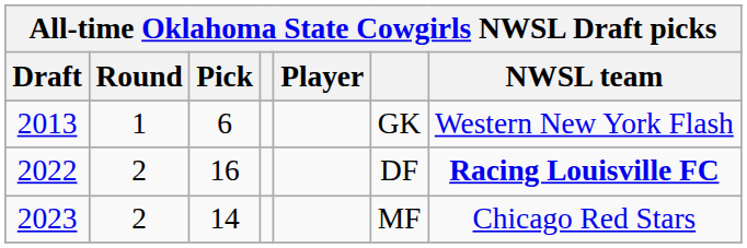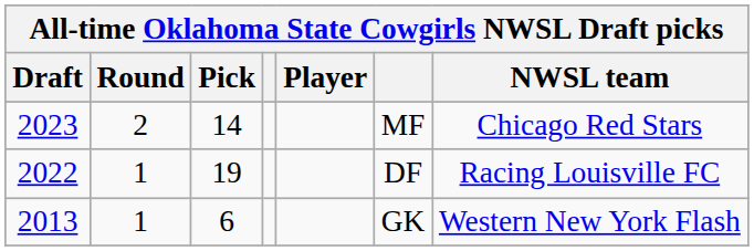 <table class="wikitable sortable" style="text-align: center;">
 <tr>
 <th colspan="7" style="background:#">All-time <a href='#'><span>Oklahoma State Cowgirls</span></a> NWSL Draft picks</th>
 </tr>
 <tr>
 <th scope="col">Draft</th>
 <th scope="col">Round</th>
 <th scope="col">Pick</th>
 <th scope="col"></th>
 <th scope="col">Player</th>
 <th scope="col"></th>
 <th scope="col">NWSL team</th>
 </tr>
 <tr>
+<td><a href='#'>2023</a></td>
+<td>2</td>
+<td>14</td>
+<td></td>
+<td></td>
+<td>MF</td>
+<td><a href='#'>Chicago Red Stars</a></td>
+</tr>
+<tr>
+<td><a href='#'>2022</a></td>
+<td>1</td>
+<td>19</td>
+<td></td>
+<td></td>
+<td>DF</td>
+<td><a href='#'>Racing Louisville FC</a></td>
+</tr>
+<tr>
 <td><a href='#'>2013</a></td>
 <td>1</td>
 <td>6</td>
 <td></td>
 <td></td>
 <td>GK</td>
 <td><a href='#'>Western New York Flash</a></td>
 </tr>
-<tr>
-<td><a href='#'>2022</a></td>
-<td>2</td>
-<td>16</td>
-<td></td>
-<td></td>
-<td>DF</td>
-<td><strong><a href='#'>Racing Louisville FC</a></strong></td>
-</tr>
-<tr>
-<td><a href='#'>2023</a></td>
-<td>2</td>
-<td>14</td>
-<td></td>
-<td></td>
-<td>MF</td>
-<td><a href='#'>Chicago Red Stars</a></td>
-</tr>
 </table>
